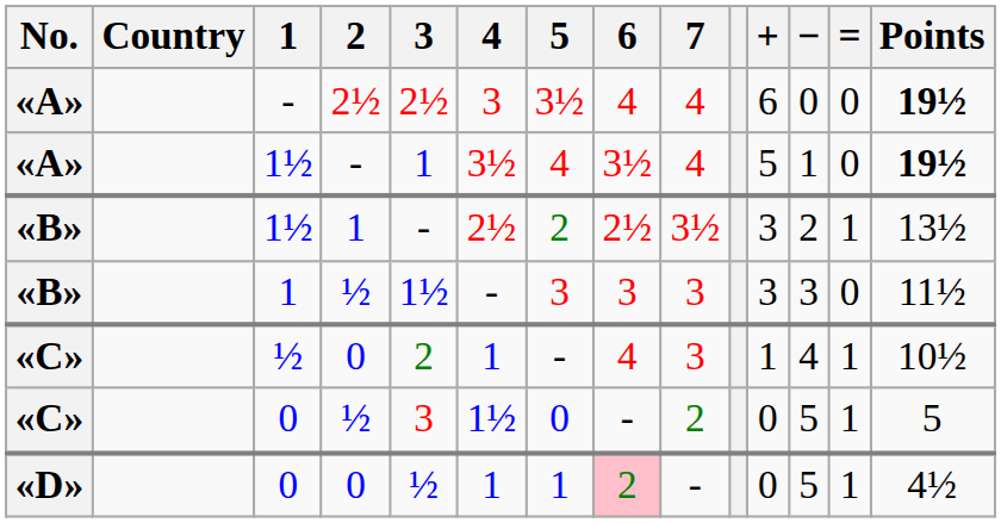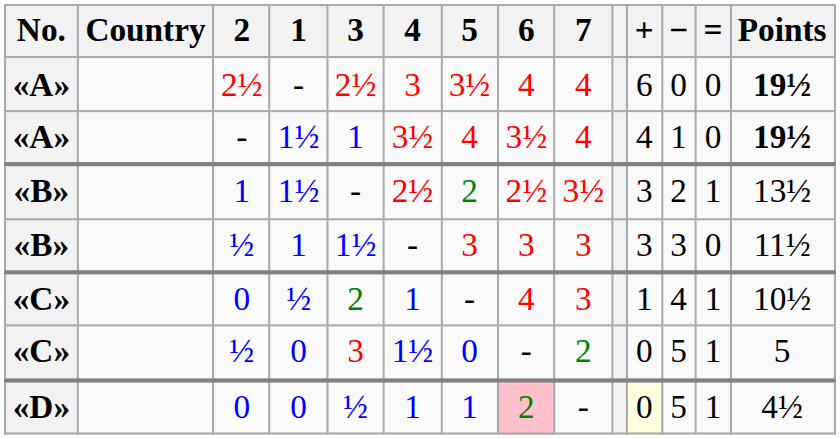 <table class="wikitable" style="text-align:center">
 <tr>
 <th>No.</th>
 <th>Country</th>
+<th>2</th>
 <th>1</th>
-<th>2</th>
 <th>3</th>
 <th>4</th>
 <th>5</th>
 <th>6</th>
 <th>7</th>
 <th></th>
 <th>+</th>
 <th>−</th>
 <th>=</th>
 <th>Points</th>
 </tr>
 <tr>
 <th>«A»</th>
 <td style="text-align: left"></td>
+<td style="color:red;">2½</td>
 <td>-</td>
-<td style="color:red;">2½</td>
 <td style="color:red;">2½</td>
 <td style="color:red;">3</td>
 <td style="color:red;">3½</td>
 <td style="color:red;">4</td>
 <td style="color:red;">4</td>
 <th></th>
 <td>6</td>
 <td>0</td>
 <td>0</td>
 <td><strong>19½ </strong></td>
 </tr>
 <tr>
 <th>«A»</th>
 <td style="text-align: left"></td>
+<td>-</td>
 <td style="color:blue;">1½</td>
-<td>-</td>
 <td style="color:blue;">1</td>
 <td style="color:red;">3½</td>
 <td style="color:red;">4</td>
 <td style="color:red;">3½</td>
 <td style="color:red;">4</td>
 <th></th>
-<td>5</td>
+<td>4</td>
 <td>1</td>
 <td>0</td>
 <td><strong>19½</strong></td>
 </tr>
 <tr style="border-top:2px solid grey;">
 <th>«B»</th>
 <td style="text-align: left"></td>
+<td style="color:blue;">1</td>
 <td style="color:blue;">1½</td>
-<td style="color:blue;">1</td>
 <td>-</td>
 <td style="color:red;">2½</td>
 <td style="color:green;">2</td>
 <td style="color:red;">2½</td>
 <td style="color:red;">3½</td>
 <th></th>
 <td>3</td>
 <td>2</td>
 <td>1</td>
 <td>13½</td>
 </tr>
 <tr>
 <th>«B»</th>
 <td style="text-align: left"></td>
+<td style="color:blue;">½</td>
 <td style="color:blue;">1</td>
-<td style="color:blue;">½</td>
 <td style="color:blue;">1½</td>
 <td>-</td>
 <td style="color:red;">3</td>
 <td style="color:red;">3</td>
 <td style="color:red;">3</td>
 <th></th>
 <td>3</td>
 <td>3</td>
 <td>0</td>
 <td>11½</td>
 </tr>
 <tr style="border-top:2px solid grey;">
 <th>«C»</th>
 <td style="text-align: left"></td>
+<td style="color:blue;">0</td>
 <td style="color:blue;">½</td>
-<td style="color:blue;">0</td>
 <td style="color:green;">2</td>
 <td style="color:blue;">1</td>
 <td>-</td>
 <td style="color:red;">4</td>
 <td style="color:red;">3</td>
 <th></th>
 <td>1</td>
 <td>4</td>
 <td>1</td>
 <td>10½</td>
 </tr>
 <tr>
 <th>«C»</th>
 <td style="text-align: left"></td>
+<td style="color:blue;">½</td>
 <td style="color:blue;">0</td>
-<td style="color:blue;">½</td>
 <td style="color:red;">3</td>
 <td style="color:blue;">1½</td>
 <td style="color:blue;">0</td>
 <td>-</td>
 <td style="color:green;">2</td>
 <th></th>
 <td>0</td>
 <td>5</td>
 <td>1</td>
 <td>5</td>
 </tr>
 <tr style="border-top:2px solid grey;">
 <th>«D»</th>
 <td style="text-align: left"></td>
 <td style="color:blue;">0</td>
 <td style="color:blue;">0</td>
 <td style="color:blue;">½</td>
 <td style="color:blue;">1</td>
 <td style="color:blue;">1</td>
 <td style="background: pink; color:green;">2</td>
 <td>-</td>
 <th></th>
-<td>0</td>
+<td style="background: lightyellow;">0</td>
 <td>5</td>
 <td>1</td>
 <td>4½</td>
 </tr>
 </table>
